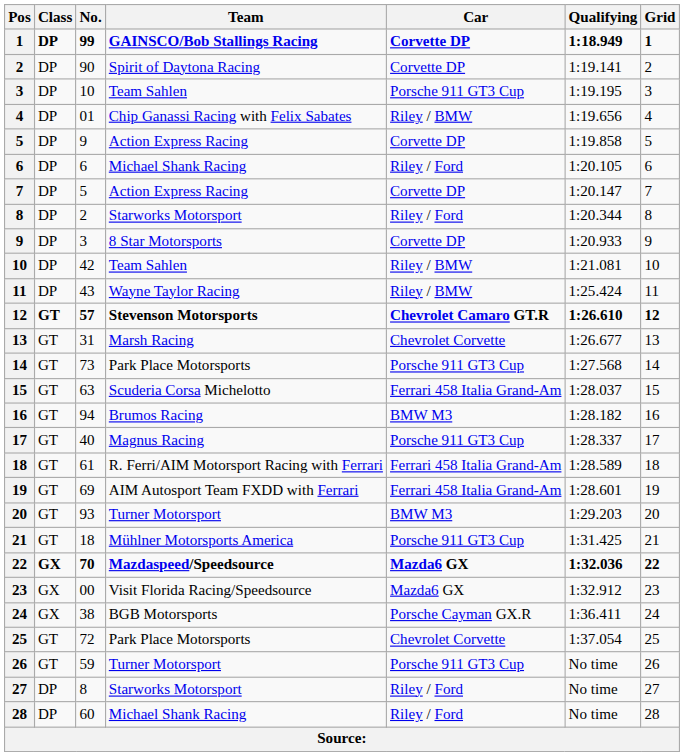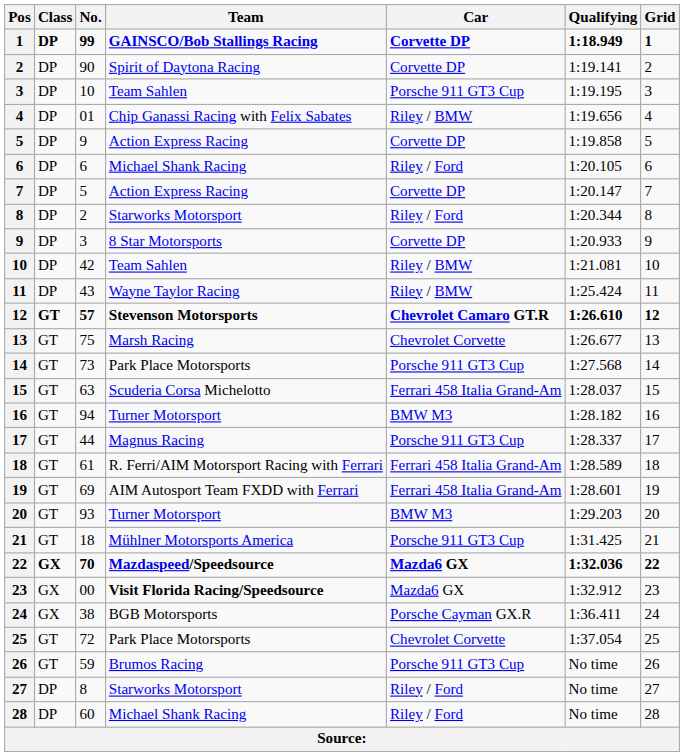 <table class="wikitable" style="font-size: 85%;">
 <tr>
 <th>Pos</th>
 <th>Class</th>
 <th>No.</th>
 <th>Team</th>
 <th>Car</th>
 <th>Qualifying</th>
 <th>Grid</th>
 </tr>
 <tr>
 <th>1</th>
 <td><strong>DP</strong></td>
 <td><strong>99</strong></td>
 <td><strong><a href='#'>GAINSCO/Bob Stallings Racing</a></strong></td>
 <td><a href='#'><strong>Corvette DP</strong></a></td>
 <td><strong>1:18.949</strong></td>
 <td><strong>1</strong></td>
 </tr>
 <tr>
 <th>2</th>
 <td>DP</td>
 <td>90</td>
 <td><a href='#'>Spirit of Daytona Racing</a></td>
 <td><a href='#'>Corvette DP</a></td>
 <td>1:19.141</td>
 <td>2</td>
 </tr>
 <tr>
 <th>3</th>
 <td>DP</td>
 <td>10</td>
 <td><a href='#'>Team Sahlen</a></td>
 <td><a href='#'>Porsche 911 GT3 Cup</a></td>
 <td>1:19.195</td>
 <td>3</td>
 </tr>
 <tr>
 <th>4</th>
 <td>DP</td>
 <td>01</td>
 <td><a href='#'>Chip Ganassi Racing</a> with <a href='#'>Felix Sabates</a></td>
 <td><a href='#'>Riley</a> / <a href='#'>BMW</a></td>
 <td>1:19.656</td>
 <td>4</td>
 </tr>
 <tr>
 <th>5</th>
 <td>DP</td>
 <td>9</td>
 <td><a href='#'>Action Express Racing</a></td>
 <td><a href='#'>Corvette DP</a></td>
 <td>1:19.858</td>
 <td>5</td>
 </tr>
 <tr>
 <th>6</th>
 <td>DP</td>
 <td>6</td>
 <td><a href='#'>Michael Shank Racing</a></td>
 <td><a href='#'>Riley</a> / <a href='#'>Ford</a></td>
 <td>1:20.105</td>
 <td>6</td>
 </tr>
 <tr>
 <th>7</th>
 <td>DP</td>
 <td>5</td>
 <td><a href='#'>Action Express Racing</a></td>
 <td><a href='#'>Corvette DP</a></td>
 <td>1:20.147</td>
 <td>7</td>
 </tr>
 <tr>
 <th>8</th>
 <td>DP</td>
 <td>2</td>
 <td><a href='#'>Starworks Motorsport</a></td>
 <td><a href='#'>Riley</a> / <a href='#'>Ford</a></td>
 <td>1:20.344</td>
 <td>8</td>
 </tr>
 <tr>
 <th>9</th>
 <td>DP</td>
 <td>3</td>
 <td><a href='#'>8 Star Motorsports</a></td>
 <td><a href='#'>Corvette DP</a></td>
 <td>1:20.933</td>
 <td>9</td>
 </tr>
 <tr>
 <th>10</th>
 <td>DP</td>
 <td>42</td>
 <td><a href='#'>Team Sahlen</a></td>
 <td><a href='#'>Riley</a> / <a href='#'>BMW</a></td>
 <td>1:21.081</td>
 <td>10</td>
 </tr>
 <tr>
 <th>11</th>
 <td>DP</td>
 <td>43</td>
 <td><a href='#'>Wayne Taylor Racing</a></td>
 <td><a href='#'>Riley</a> / <a href='#'>BMW</a></td>
 <td>1:25.424</td>
 <td>11</td>
 </tr>
 <tr>
 <th>12</th>
 <td><strong>GT</strong></td>
 <td><strong>57</strong></td>
 <td><strong>Stevenson Motorsports</strong></td>
 <td><strong><a href='#'>Chevrolet Camaro</a> GT.R</strong></td>
 <td><strong>1:26.610</strong></td>
 <td><strong>12</strong></td>
 </tr>
 <tr>
 <th>13</th>
 <td>GT</td>
-<td>31</td>
+<td>75</td>
 <td><a href='#'>Marsh Racing</a></td>
 <td><a href='#'>Chevrolet Corvette</a></td>
 <td>1:26.677</td>
 <td>13</td>
 </tr>
 <tr>
 <th>14</th>
 <td>GT</td>
 <td>73</td>
 <td>Park Place Motorsports</td>
 <td><a href='#'>Porsche 911 GT3 Cup</a></td>
 <td>1:27.568</td>
 <td>14</td>
 </tr>
 <tr>
 <th>15</th>
 <td>GT</td>
 <td>63</td>
 <td><a href='#'>Scuderia Corsa</a> Michelotto</td>
 <td><a href='#'>Ferrari 458 Italia Grand-Am</a></td>
 <td>1:28.037</td>
 <td>15</td>
 </tr>
 <tr>
 <th>16</th>
 <td>GT</td>
 <td>94</td>
-<td><a href='#'>Brumos Racing</a></td>
+<td><a href='#'>Turner Motorsport</a></td>
 <td><a href='#'>BMW M3</a></td>
 <td>1:28.182</td>
 <td>16</td>
 </tr>
 <tr>
 <th><strong>17</strong></th>
 <td>GT</td>
-<td>40</td>
+<td>44</td>
 <td><a href='#'>Magnus Racing</a></td>
 <td><a href='#'>Porsche 911 GT3 Cup</a></td>
 <td>1:28.337</td>
 <td>17</td>
 </tr>
 <tr>
 <th>18</th>
 <td>GT</td>
 <td>61</td>
 <td>R. Ferri/AIM Motorsport Racing with <a href='#'>Ferrari</a></td>
 <td><a href='#'>Ferrari 458 Italia Grand-Am</a></td>
 <td>1:28.589</td>
 <td>18</td>
 </tr>
 <tr>
 <th>19</th>
 <td>GT</td>
 <td>69</td>
 <td>AIM Autosport Team FXDD with <a href='#'>Ferrari</a></td>
 <td><a href='#'>Ferrari 458 Italia Grand-Am</a></td>
 <td>1:28.601</td>
 <td>19</td>
 </tr>
 <tr>
 <th>20</th>
 <td>GT</td>
 <td>93</td>
 <td><a href='#'>Turner Motorsport</a></td>
 <td><a href='#'>BMW M3</a></td>
 <td>1:29.203</td>
 <td>20</td>
 </tr>
 <tr>
 <th>21</th>
 <td>GT</td>
 <td>18</td>
 <td><a href='#'>Mühlner Motorsports America</a></td>
 <td><a href='#'>Porsche 911 GT3 Cup</a></td>
 <td>1:31.425</td>
 <td>21</td>
 </tr>
 <tr>
 <th>22</th>
 <td><strong>GX</strong></td>
 <td><strong>70</strong></td>
 <td><strong><a href='#'>Mazdaspeed</a>/Speedsource</strong></td>
 <td><strong><a href='#'>Mazda6</a> GX</strong></td>
 <td><strong>1:32.036</strong></td>
 <td><strong>22</strong></td>
 </tr>
 <tr>
 <th>23</th>
 <td>GX</td>
 <td>00</td>
-<td>Visit Florida Racing/Speedsource</td>
+<td><strong>Visit Florida Racing/Speedsource</strong></td>
 <td><a href='#'>Mazda6</a> GX</td>
 <td>1:32.912</td>
 <td>23</td>
 </tr>
 <tr>
 <th>24</th>
 <td>GX</td>
 <td>38</td>
 <td>BGB Motorsports</td>
 <td><a href='#'>Porsche Cayman</a> GX.R</td>
 <td>1:36.411</td>
 <td>24</td>
 </tr>
 <tr>
 <th>25</th>
 <td>GT</td>
 <td>72</td>
 <td>Park Place Motorsports</td>
 <td><a href='#'>Chevrolet Corvette</a></td>
 <td>1:37.054</td>
 <td>25</td>
 </tr>
 <tr>
 <th>26</th>
 <td>GT</td>
 <td>59</td>
-<td><a href='#'>Turner Motorsport</a></td>
+<td><a href='#'>Brumos Racing</a></td>
 <td><a href='#'>Porsche 911 GT3 Cup</a></td>
 <td>No time</td>
 <td>26</td>
 </tr>
 <tr>
 <th>27</th>
 <td>DP</td>
 <td>8</td>
 <td><a href='#'>Starworks Motorsport</a></td>
 <td><a href='#'>Riley</a> / <a href='#'>Ford</a></td>
 <td>No time</td>
 <td>27</td>
 </tr>
 <tr>
 <th>28</th>
 <td>DP</td>
 <td>60</td>
 <td><a href='#'>Michael Shank Racing</a></td>
 <td><a href='#'>Riley</a> / <a href='#'>Ford</a></td>
 <td>No time</td>
 <td>28</td>
 </tr>
 <tr>
 <th colspan="7">Source:</th>
 </tr>
 </table>
